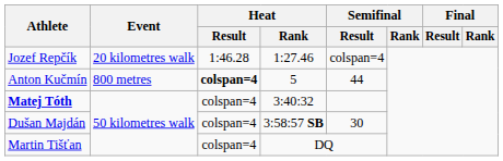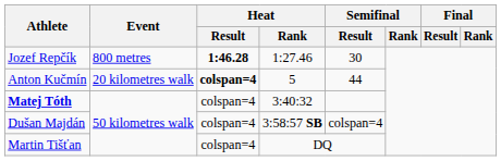 <table class="wikitable" style="font-size:90%">
 <tr>
 <th rowspan="2">Athlete</th>
 <th rowspan="2">Event</th>
 <th colspan="2">Heat</th>
 <th colspan="2">Semifinal</th>
 <th colspan="2">Final</th>
 </tr>
 <tr style="font-size:95%">
 <th>Result</th>
 <th>Rank</th>
 <th>Result</th>
 <th>Rank</th>
 <th>Result</th>
 <th>Rank</th>
 </tr>
 <tr style=text-align:center>
 <td style=text-align:left><a href='#'>Jozef Repčík</a></td>
-<td style=text-align:left><a href='#'>20 kilometres walk</a></td>
-<td>1:46.28</td>
+<td style=text-align:left><a href='#'>800 metres</a></td>
+<td><strong>1:46.28</strong></td>
 <td>1:27.46</td>
-<td>colspan=4 </td>
+<td>30</td>
 </tr>
 <tr style=text-align:center>
 <td style=text-align:left><a href='#'>Anton Kučmín</a></td>
-<td style=text-align:left><a href='#'>800 metres</a></td>
+<td style=text-align:left><a href='#'>20 kilometres walk</a></td>
 <td><strong>colspan=4 </strong></td>
 <td>5</td>
 <td>44</td>
 </tr>
 <tr style=text-align:center>
 <td style=text-align:left><strong><a href='#'>Matej Tóth</a></strong></td>
 <td style=text-align:left rowspan=3><a href='#'>50 kilometres walk</a></td>
 <td>colspan=4 </td>
 <td>3:40:32</td>
 <td></td>
 </tr>
 <tr style=text-align:center>
 <td style=text-align:left><a href='#'>Dušan Majdán</a></td>
 <td>colspan=4 </td>
 <td>3:58:57 <strong>SB</strong></td>
-<td>30</td>
+<td>colspan=4 </td>
 </tr>
 <tr style=text-align:center>
 <td style=text-align:left><a href='#'>Martin Tišťan</a></td>
 <td>colspan=4 </td>
 <td colspan=2>DQ</td>
 </tr>
 </table>
